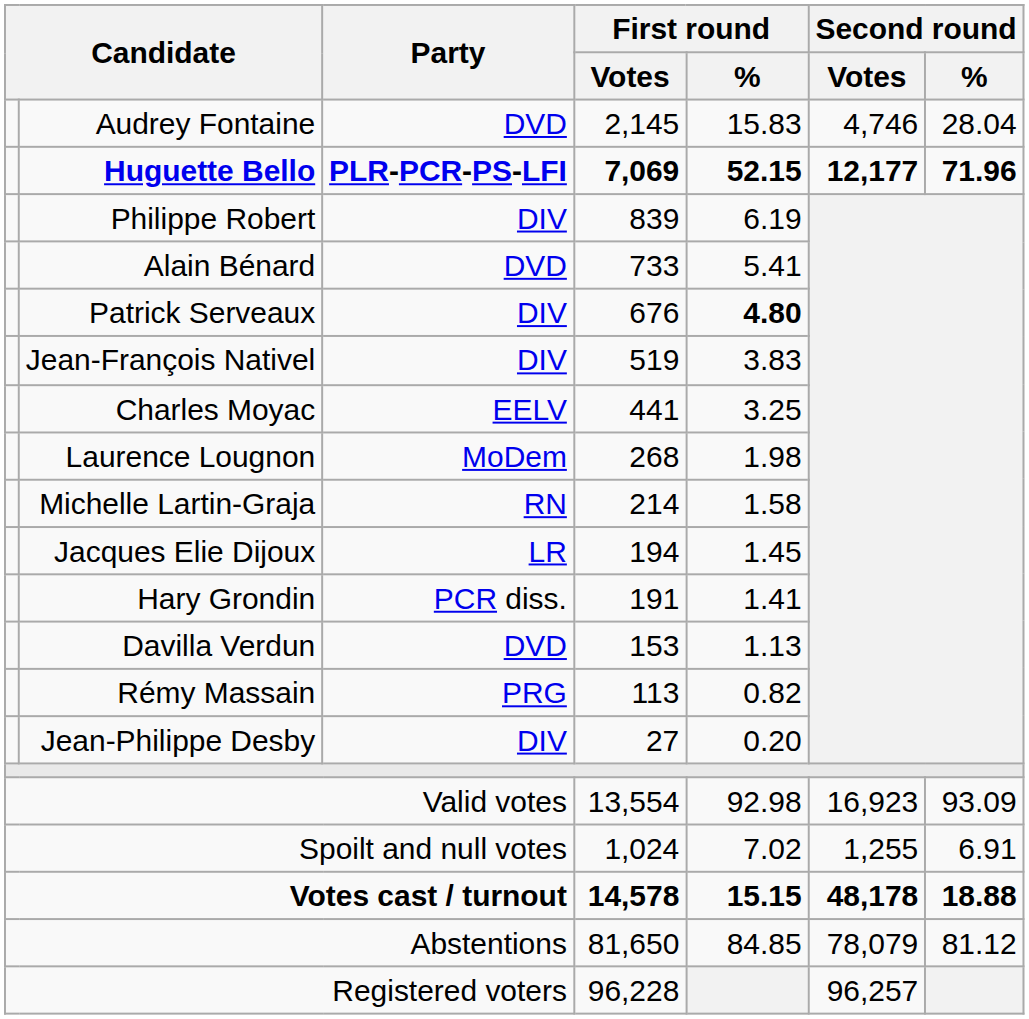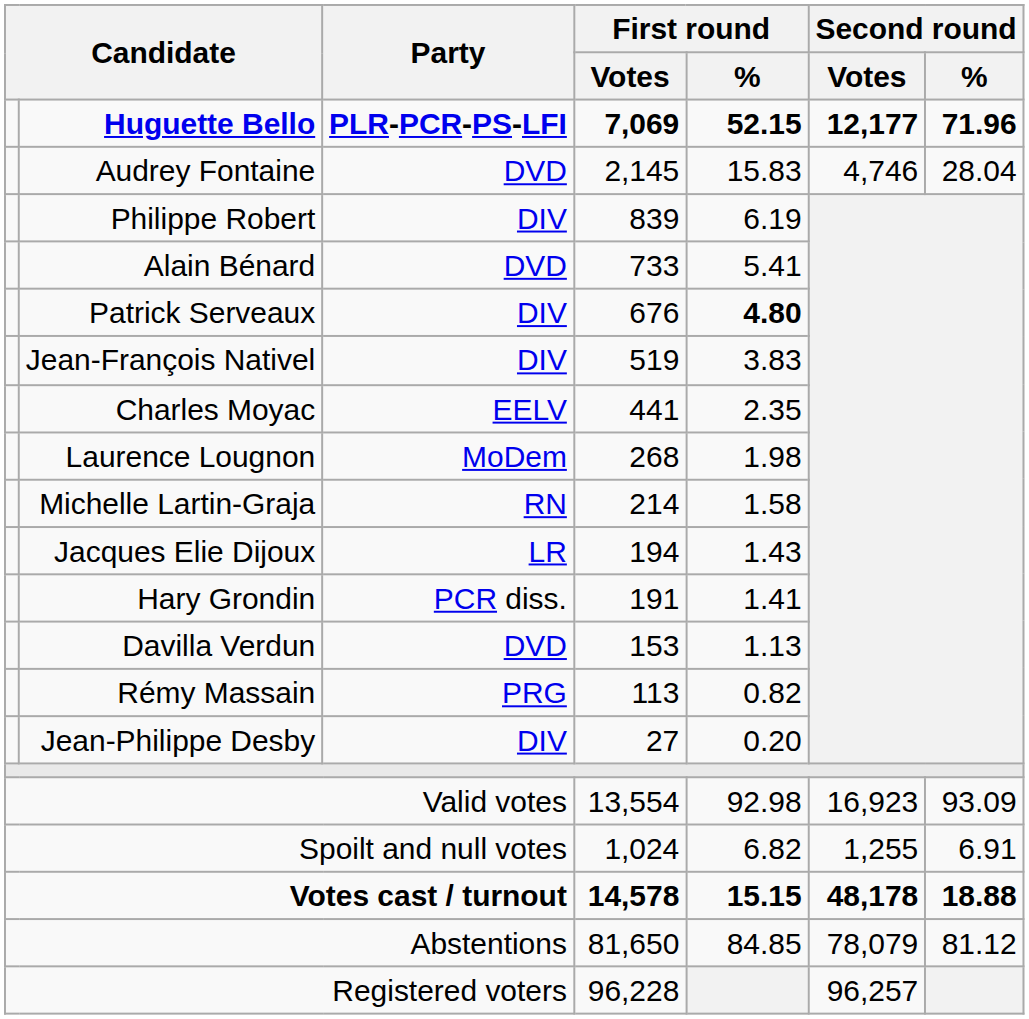 <table class="wikitable" style="text-align:right;font-size:95%;">
 <tr>
 <th colspan="2" rowspan="2">Candidate</th>
 <th colspan="1" rowspan="2">Party</th>
 <th colspan="2">First round</th>
 <th colspan="2">Second round</th>
 </tr>
 <tr>
 <th style="width:50px;">Votes</th>
 <th style="width:55px;">%</th>
 <th>Votes</th>
 <th>%</th>
 </tr>
 <tr>
 <td style="color:inherit;background-color:"></td>
+<td><strong><a href='#'>Huguette Bello</a></strong></td>
+<td><strong><a href='#'>PLR</a>-<a href='#'>PCR</a>-<a href='#'>PS</a>-<a href='#'>LFI</a></strong></td>
+<td><strong>7,069</strong></td>
+<td><strong>52.15</strong></td>
+<td><strong>12,177</strong></td>
+<td><strong>71.96</strong></td>
+</tr>
+<tr>
+<td style="color:inherit;background-color:"></td>
 <td>Audrey Fontaine</td>
 <td><a href='#'>DVD</a></td>
 <td>2,145</td>
 <td>15.83</td>
 <td>4,746</td>
 <td>28.04</td>
-</tr>
-<tr>
-<td style="color:inherit;background-color:"></td>
-<td><strong><a href='#'>Huguette Bello</a></strong></td>
-<td><strong><a href='#'>PLR</a>-<a href='#'>PCR</a>-<a href='#'>PS</a>-<a href='#'>LFI</a></strong></td>
-<td><strong>7,069</strong></td>
-<td><strong>52.15</strong></td>
-<td><strong>12,177</strong></td>
-<td><strong>71.96</strong></td>
 </tr>
 <tr>
 <td style="color:inherit;background-color:"></td>
 <td>Philippe Robert</td>
 <td><a href='#'>DIV</a></td>
 <td>839</td>
 <td>6.19</td>
 <th colspan="2" rowspan="12"></th>
 </tr>
 <tr>
 <td style="color:inherit;background-color:"></td>
 <td>Alain Bénard</td>
 <td><a href='#'>DVD</a></td>
 <td>733</td>
 <td>5.41</td>
 </tr>
 <tr>
 <td style="color:inherit;background-color:"></td>
 <td>Patrick Serveaux</td>
 <td><a href='#'>DIV</a></td>
 <td>676</td>
 <td><strong>4.80</strong></td>
 </tr>
 <tr>
 <td style="color:inherit;background-color:"></td>
 <td>Jean-François Nativel</td>
 <td><a href='#'>DIV</a></td>
 <td>519</td>
 <td>3.83</td>
 </tr>
 <tr>
 <td style="color:inherit;background-color:"></td>
 <td>Charles Moyac</td>
 <td><a href='#'>EELV</a></td>
 <td>441</td>
-<td>3.25</td>
+<td>2.35</td>
 </tr>
 <tr>
 <td style="color:inherit;background-color:"></td>
 <td>Laurence Lougnon</td>
 <td><a href='#'>MoDem</a></td>
 <td>268</td>
 <td>1.98</td>
 </tr>
 <tr>
 <td style="color:inherit;background-color:"></td>
 <td>Michelle Lartin-Graja</td>
 <td><a href='#'>RN</a></td>
 <td>214</td>
 <td>1.58</td>
 </tr>
 <tr>
 <td style="color:inherit;background-color:"></td>
 <td>Jacques Elie Dijoux</td>
 <td><a href='#'>LR</a></td>
 <td>194</td>
-<td>1.45</td>
+<td>1.43</td>
 </tr>
 <tr>
 <td style="color:inherit;background-color:"></td>
 <td>Hary Grondin</td>
 <td><a href='#'>PCR</a> diss.</td>
 <td>191</td>
 <td>1.41</td>
 </tr>
 <tr>
 <td style="color:inherit;background-color:"></td>
 <td>Davilla Verdun</td>
 <td><a href='#'>DVD</a></td>
 <td>153</td>
 <td>1.13</td>
 </tr>
 <tr>
 <td style="color:inherit;background-color:"></td>
 <td>Rémy Massain</td>
 <td><a href='#'>PRG</a></td>
 <td>113</td>
 <td>0.82</td>
 </tr>
 <tr>
 <td style="color:inherit;background-color:"></td>
 <td>Jean-Philippe Desby</td>
 <td><a href='#'>DIV</a></td>
 <td>27</td>
 <td>0.20</td>
 </tr>
 <tr>
 <td colspan="7" style="background-color:#E9E9E9;"></td>
 </tr>
 <tr>
 <td colspan="3">Valid votes</td>
 <td>13,554</td>
 <td>92.98</td>
 <td>16,923</td>
 <td>93.09</td>
 </tr>
 <tr>
 <td colspan="3">Spoilt and null votes</td>
 <td>1,024</td>
-<td>7.02</td>
+<td>6.82</td>
 <td>1,255</td>
 <td>6.91</td>
 </tr>
 <tr>
 <td colspan="3"><strong>Votes cast / turnout</strong></td>
 <td><strong>14,578</strong></td>
 <td><strong>15.15</strong></td>
 <td><strong>48,178</strong></td>
 <td><strong>18.88</strong></td>
 </tr>
 <tr>
 <td colspan="3">Abstentions</td>
 <td>81,650</td>
 <td>84.85</td>
 <td>78,079</td>
 <td>81.12</td>
 </tr>
 <tr>
 <td colspan="3">Registered voters</td>
 <td>96,228</td>
 <th></th>
 <td>96,257</td>
 <th></th>
 </tr>
 </table>
